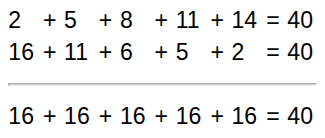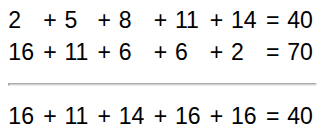 <table style="background-color:white; width:220px;">
 <tr>
 <td>2</td>
 <td>+</td>
 <td>5</td>
 <td>+</td>
 <td>8</td>
 <td>+</td>
 <td>11</td>
 <td>+</td>
 <td>14</td>
 <td>=</td>
 <td>40</td>
 </tr>
 <tr>
 <td>16</td>
 <td>+</td>
 <td>11</td>
 <td>+</td>
 <td>6</td>
 <td>+</td>
-<td>5</td>
+<td>6</td>
 <td>+</td>
 <td>2</td>
 <td>=</td>
-<td>40</td>
+<td>70</td>
 </tr>
 <tr>
 <td colspan=11><hr></td>
 </tr>
 <tr>
 <td>16</td>
 <td>+</td>
-<td>16</td>
+<td>11</td>
 <td>+</td>
-<td>16</td>
+<td>14</td>
 <td>+</td>
 <td>16</td>
 <td>+</td>
 <td>16</td>
 <td>=</td>
 <td>40</td>
 </tr>
 </table>
